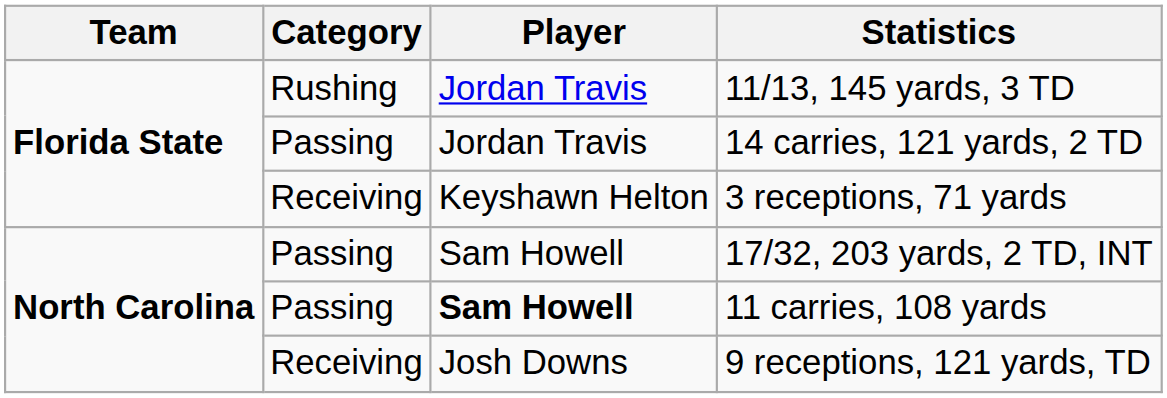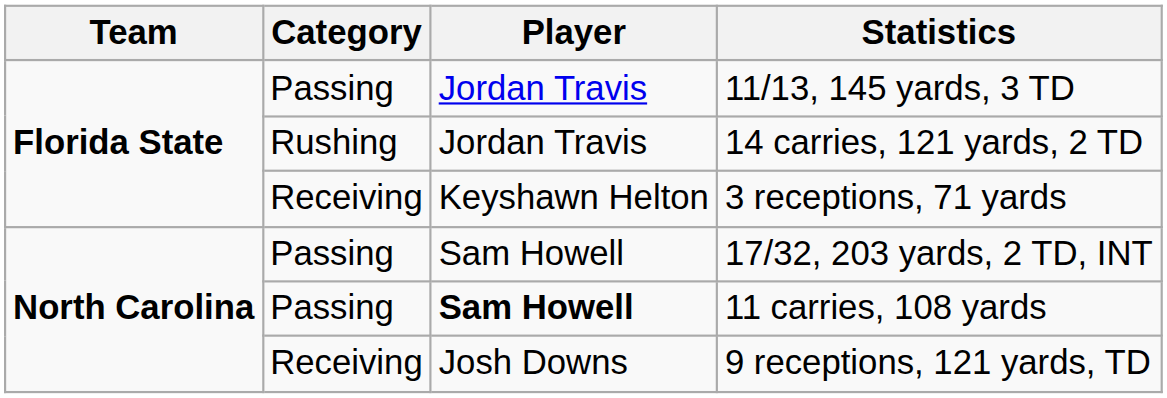 <table class="wikitable" style="float: left;">
 <tr>
 <th>Team</th>
 <th>Category</th>
 <th>Player</th>
 <th>Statistics</th>
 </tr>
 <tr>
 <td rowspan=3><strong>Florida State</strong></td>
-<td>Rushing</td>
+<td>Passing</td>
 <td><a href='#'>Jordan Travis</a></td>
 <td>11/13, 145 yards, 3 TD</td>
 </tr>
 <tr>
-<td>Passing</td>
+<td>Rushing</td>
 <td>Jordan Travis</td>
 <td>14 carries, 121 yards, 2 TD</td>
 </tr>
 <tr>
 <td>Receiving</td>
 <td>Keyshawn Helton</td>
 <td>3 receptions, 71 yards</td>
 </tr>
 <tr>
 <td rowspan=3><strong>North Carolina</strong></td>
 <td>Passing</td>
 <td>Sam Howell</td>
 <td>17/32, 203 yards, 2 TD, INT</td>
 </tr>
 <tr>
 <td>Passing</td>
 <td><strong>Sam Howell</strong></td>
 <td>11 carries, 108 yards</td>
 </tr>
 <tr>
 <td>Receiving</td>
 <td>Josh Downs</td>
 <td>9 receptions, 121 yards, TD</td>
 </tr>
 </table>
